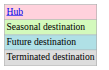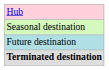 <table class="wikitable">
 <tr style="background:#FFD1DC">
 <td><a href='#'>Hub</a></td>
 </tr>
 <tr style="background:#D3F9BC">
 <td>Seasonal destination</td>
 </tr>
 <tr style="background:#B0E0E6">
 <td>Future destination</td>
 </tr>
 <tr style="background:#DDDDDD">
-<td>Terminated destination</td>
+<td><strong>Terminated destination</strong></td>
 </tr>
 </table>
